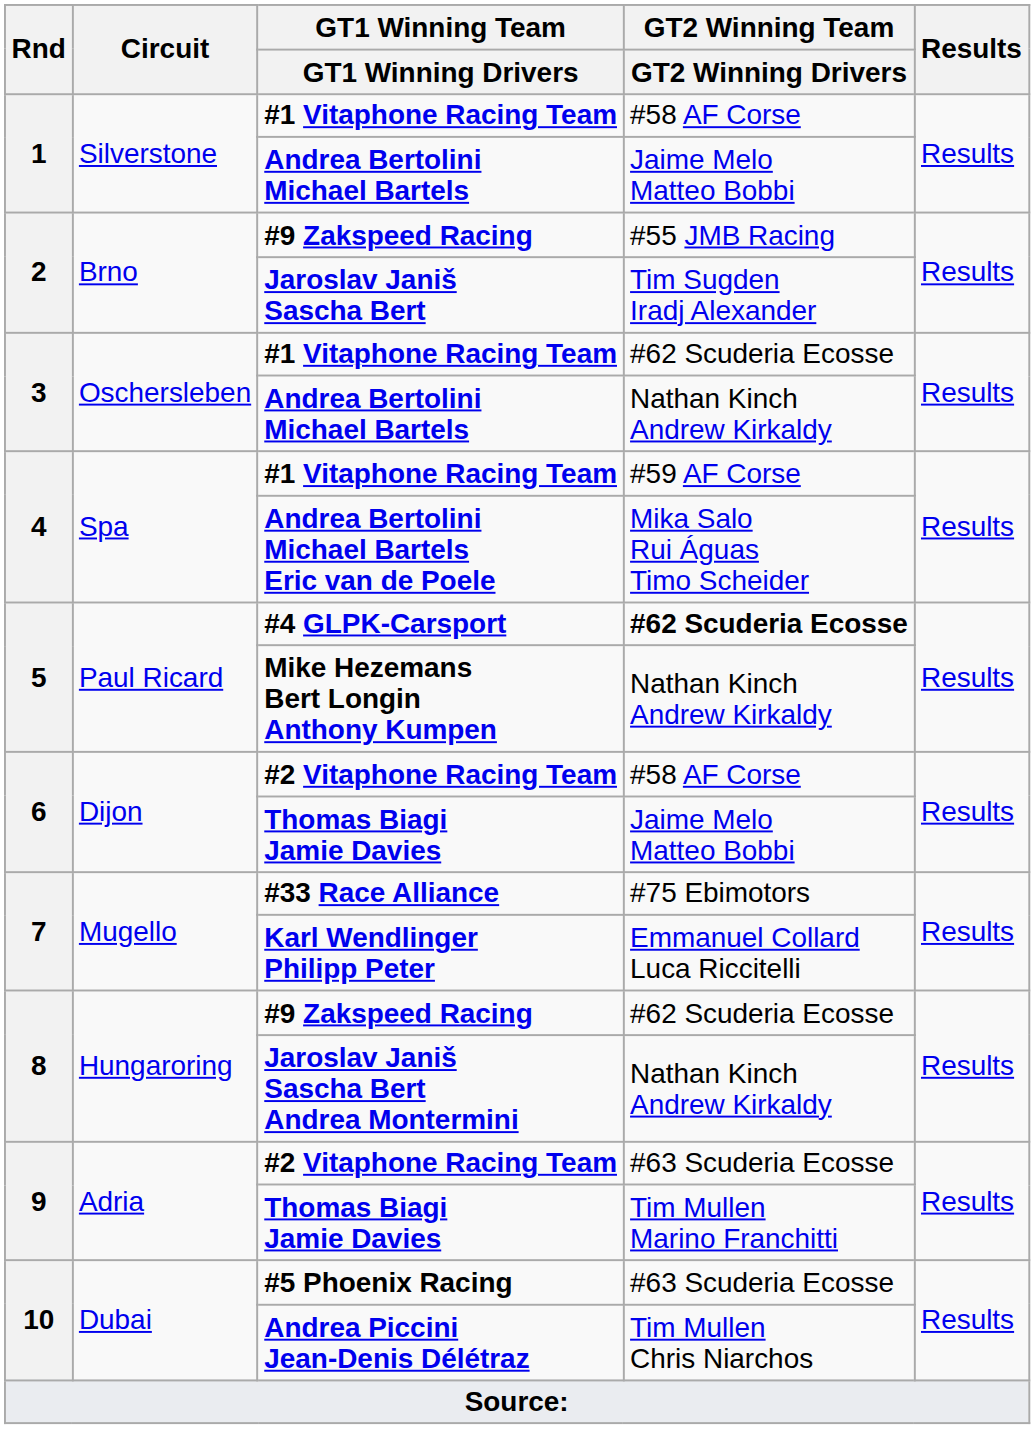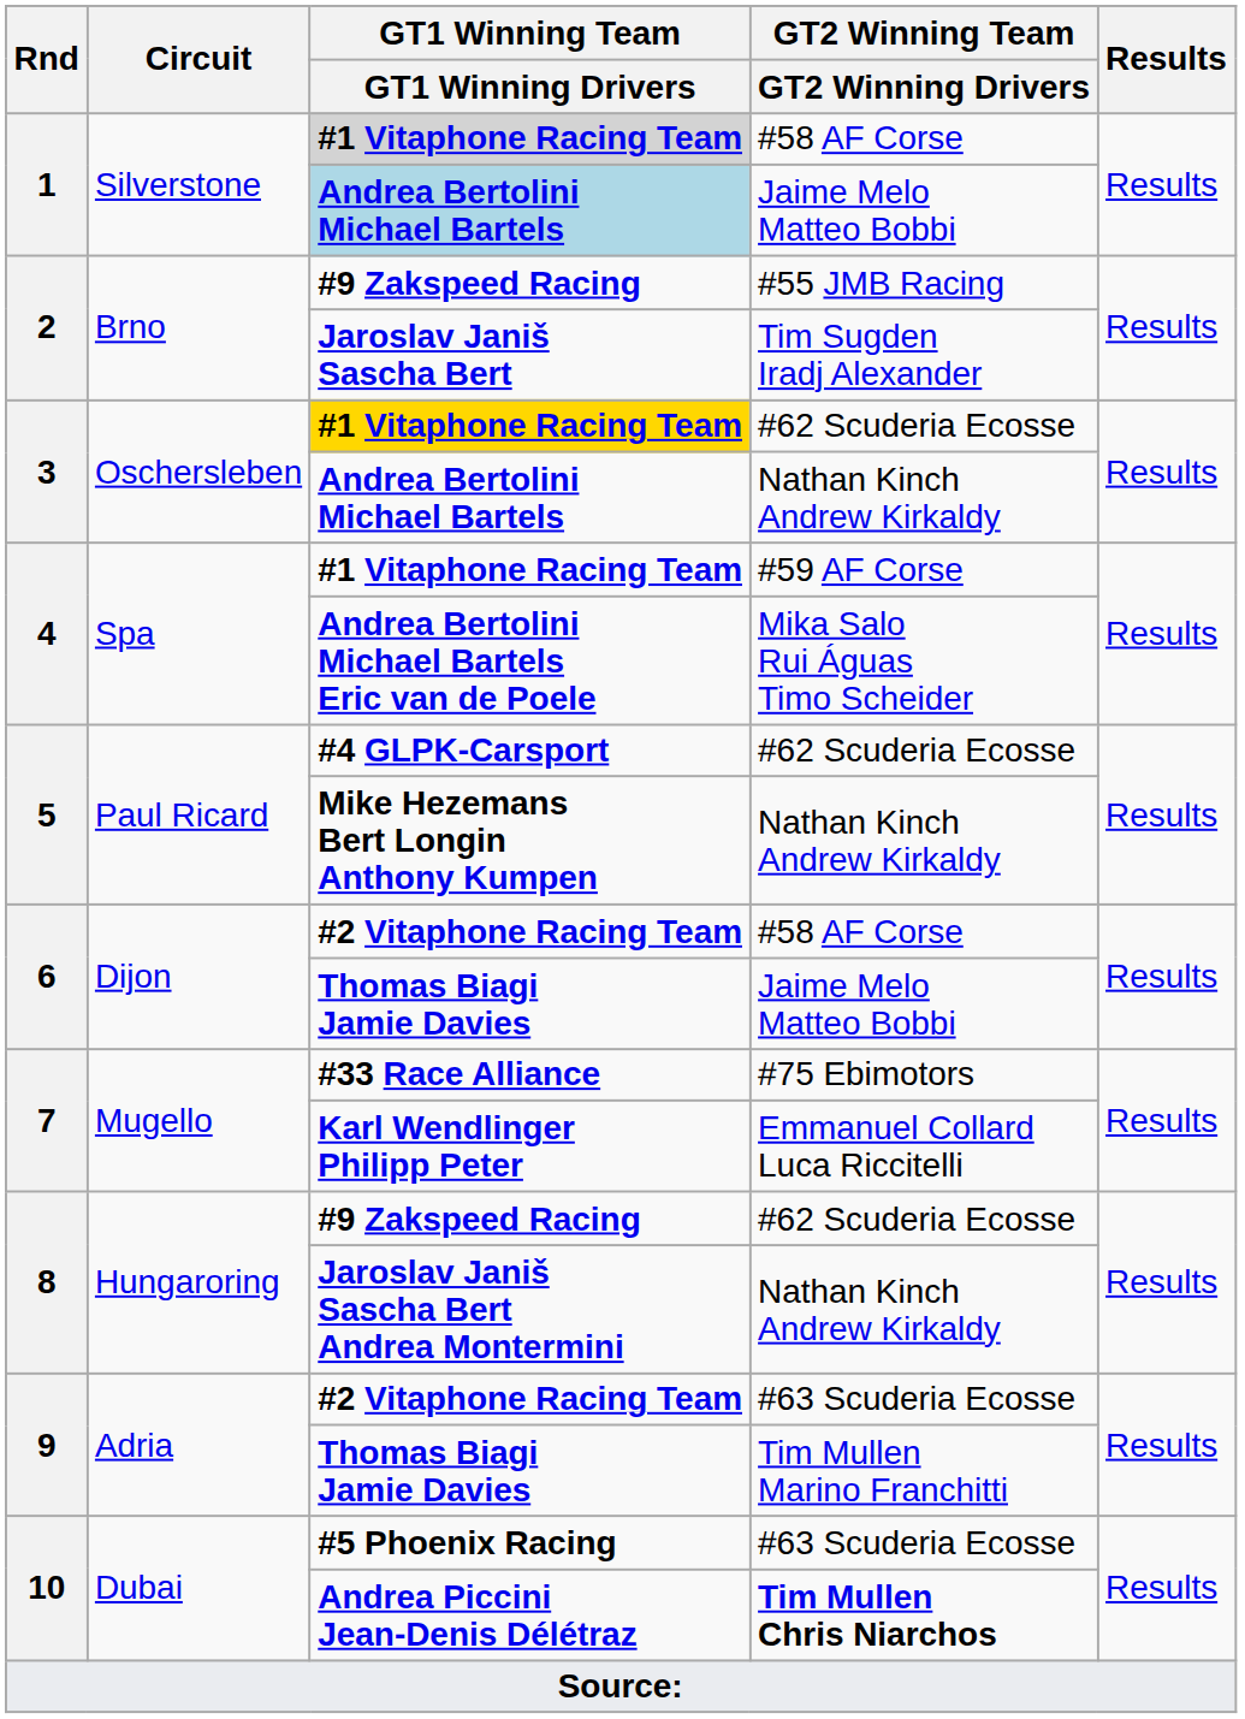 <table class="wikitable" style="font-size: 90%;">
 <tr>
 <th rowspan=2>Rnd</th>
 <th rowspan=2>Circuit</th>
 <th>GT1 Winning Team</th>
 <th>GT2 Winning Team</th>
 <th rowspan=2>Results</th>
 </tr>
 <tr>
 <th>GT1 Winning Drivers</th>
 <th>GT2 Winning Drivers</th>
 </tr>
 <tr>
 <th rowspan=2>1</th>
 <td rowspan=2><a href='#'>Silverstone</a></td>
-<td><strong> #1 <a href='#'>Vitaphone Racing Team</a></strong></td>
+<td style="background: lightgrey;"><strong> #1 <a href='#'>Vitaphone Racing Team</a></strong></td>
 <td> #58 <a href='#'>AF Corse</a></td>
 <td rowspan=2><a href='#'>Results</a></td>
 </tr>
 <tr>
-<td> <strong><a href='#'>Andrea Bertolini</a></strong><br> <strong><a href='#'>Michael Bartels</a></strong></td>
+<td style="background: lightblue;"> <strong><a href='#'>Andrea Bertolini</a></strong><br> <strong><a href='#'>Michael Bartels</a></strong></td>
 <td> <a href='#'>Jaime Melo</a><br> <a href='#'>Matteo Bobbi</a></td>
 </tr>
 <tr>
 <th rowspan=2>2</th>
 <td rowspan=2><a href='#'>Brno</a></td>
 <td><strong> #9 <a href='#'>Zakspeed Racing</a></strong></td>
 <td> #55 <a href='#'>JMB Racing</a></td>
 <td rowspan=2><a href='#'>Results</a></td>
 </tr>
 <tr>
 <td> <strong><a href='#'>Jaroslav Janiš</a></strong><br> <strong><a href='#'>Sascha Bert</a></strong></td>
 <td> <a href='#'>Tim Sugden</a><br> <a href='#'>Iradj Alexander</a></td>
 </tr>
 <tr>
 <th rowspan=2>3</th>
 <td rowspan=2><a href='#'>Oschersleben</a></td>
-<td><strong> #1 <a href='#'>Vitaphone Racing Team</a></strong></td>
+<td style="background: gold;"><strong> #1 <a href='#'>Vitaphone Racing Team</a></strong></td>
 <td> #62 Scuderia Ecosse</td>
 <td rowspan=2><a href='#'>Results</a></td>
 </tr>
 <tr>
 <td> <strong><a href='#'>Andrea Bertolini</a></strong><br> <strong><a href='#'>Michael Bartels</a></strong></td>
 <td> Nathan Kinch<br> <a href='#'>Andrew Kirkaldy</a></td>
 </tr>
 <tr>
 <th rowspan=2>4</th>
 <td rowspan=2><a href='#'>Spa</a></td>
 <td><strong> #1 <a href='#'>Vitaphone Racing Team</a></strong></td>
 <td> #59 <a href='#'>AF Corse</a></td>
 <td rowspan=2><a href='#'>Results</a></td>
 </tr>
 <tr>
 <td> <strong><a href='#'>Andrea Bertolini</a></strong><br> <strong><a href='#'>Michael Bartels</a></strong><br> <strong><a href='#'>Eric van de Poele</a></strong></td>
 <td> <a href='#'>Mika Salo</a><br> <a href='#'>Rui Águas</a><br> <a href='#'>Timo Scheider</a></td>
 </tr>
 <tr>
 <th rowspan=2>5</th>
 <td rowspan=2><a href='#'>Paul Ricard</a></td>
 <td><strong> #4 <a href='#'>GLPK-Carsport</a></strong></td>
-<td><strong> #62 Scuderia Ecosse</strong></td>
+<td> #62 Scuderia Ecosse</td>
 <td rowspan=2><a href='#'>Results</a></td>
 </tr>
 <tr>
 <td> <strong>Mike Hezemans</strong><br> <strong>Bert Longin</strong><br> <strong><a href='#'>Anthony Kumpen</a></strong></td>
 <td> Nathan Kinch<br> <a href='#'>Andrew Kirkaldy</a></td>
 </tr>
 <tr>
 <th rowspan=2>6</th>
 <td rowspan=2><a href='#'>Dijon</a></td>
 <td><strong> #2 <a href='#'>Vitaphone Racing Team</a></strong></td>
 <td> #58 <a href='#'>AF Corse</a></td>
 <td rowspan=2><a href='#'>Results</a></td>
 </tr>
 <tr>
 <td> <strong><a href='#'>Thomas Biagi</a></strong><br> <strong><a href='#'>Jamie Davies</a></strong></td>
 <td> <a href='#'>Jaime Melo</a><br> <a href='#'>Matteo Bobbi</a></td>
 </tr>
 <tr>
 <th rowspan=2>7</th>
 <td rowspan=2><a href='#'>Mugello</a></td>
 <td><strong> #33 <a href='#'>Race Alliance</a></strong></td>
 <td> #75 Ebimotors</td>
 <td rowspan=2><a href='#'>Results</a></td>
 </tr>
 <tr>
 <td> <strong><a href='#'>Karl Wendlinger</a></strong><br> <strong><a href='#'>Philipp Peter</a></strong></td>
 <td> <a href='#'>Emmanuel Collard</a><br> Luca Riccitelli</td>
 </tr>
 <tr>
 <th rowspan=2>8</th>
 <td rowspan=2><a href='#'>Hungaroring</a></td>
 <td><strong> #9 <a href='#'>Zakspeed Racing</a></strong></td>
 <td> #62 Scuderia Ecosse</td>
 <td rowspan=2><a href='#'>Results</a></td>
 </tr>
 <tr>
 <td> <strong><a href='#'>Jaroslav Janiš</a></strong><br> <strong><a href='#'>Sascha Bert</a></strong><br> <strong><a href='#'>Andrea Montermini</a></strong></td>
 <td> Nathan Kinch<br> <a href='#'>Andrew Kirkaldy</a></td>
 </tr>
 <tr>
 <th rowspan=2>9</th>
 <td rowspan=2><a href='#'>Adria</a></td>
 <td><strong> #2 <a href='#'>Vitaphone Racing Team</a></strong></td>
 <td> #63 Scuderia Ecosse</td>
 <td rowspan=2><a href='#'>Results</a></td>
 </tr>
 <tr>
 <td> <strong><a href='#'>Thomas Biagi</a></strong><br> <strong><a href='#'>Jamie Davies</a></strong></td>
 <td> <a href='#'>Tim Mullen</a><br> <a href='#'>Marino Franchitti</a></td>
 </tr>
 <tr>
 <th rowspan=2>10</th>
 <td rowspan=2><a href='#'>Dubai</a></td>
 <td><strong> #5 Phoenix Racing</strong></td>
 <td> #63 Scuderia Ecosse</td>
 <td rowspan=2><a href='#'>Results</a></td>
 </tr>
 <tr>
 <td> <strong><a href='#'>Andrea Piccini</a></strong><br> <strong><a href='#'>Jean-Denis Délétraz</a></strong></td>
-<td> <a href='#'>Tim Mullen</a><br> Chris Niarchos</td>
+<td><strong> <a href='#'>Tim Mullen</a><br> Chris Niarchos</strong></td>
 </tr>
 <tr class="sortbottom">
 <td colspan="5" style="background-color:#EAECF0;text-align:center"><strong>Source:</strong></td>
 </tr>
 </table>
